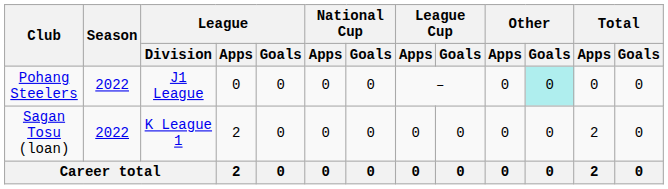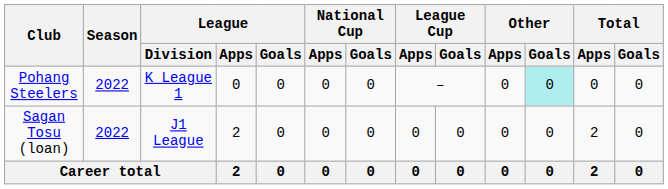 <table class="wikitable" style="text-align:center">
 <tr>
 <th rowspan=2>Club</th>
 <th rowspan=2>Season</th>
 <th colspan=3>League</th>
 <th colspan=2>National Cup</th>
 <th colspan=2>League Cup</th>
 <th colspan=2>Other</th>
 <th colspan=2>Total</th>
 </tr>
 <tr>
 <th>Division</th>
 <th>Apps</th>
 <th>Goals</th>
 <th>Apps</th>
 <th>Goals</th>
 <th>Apps</th>
 <th>Goals</th>
 <th>Apps</th>
 <th>Goals</th>
 <th>Apps</th>
 <th>Goals</th>
 </tr>
 <tr>
 <td><a href='#'>Pohang Steelers</a></td>
 <td><a href='#'>2022</a></td>
-<td><a href='#'>J1 League</a></td>
+<td><a href='#'>K League 1</a></td>
 <td>0</td>
 <td>0</td>
 <td>0</td>
 <td>0</td>
 <td colspan="2">–</td>
 <td>0</td>
 <td style="background: paleturquoise;">0</td>
 <td>0</td>
 <td>0</td>
 </tr>
 <tr>
 <td><a href='#'>Sagan Tosu</a> (loan)</td>
 <td><a href='#'>2022</a></td>
-<td><a href='#'>K League 1</a></td>
+<td><a href='#'>J1 League</a></td>
 <td>2</td>
 <td>0</td>
 <td>0</td>
 <td>0</td>
 <td>0</td>
 <td>0</td>
 <td>0</td>
 <td>0</td>
 <td>2</td>
 <td>0</td>
 </tr>
 <tr>
 <th colspan=3>Career total</th>
 <th>2</th>
 <th>0</th>
 <th>0</th>
 <th>0</th>
 <th>0</th>
 <th>0</th>
 <th>0</th>
 <th>0</th>
 <th>2</th>
 <th>0</th>
 </tr>
 </table>
